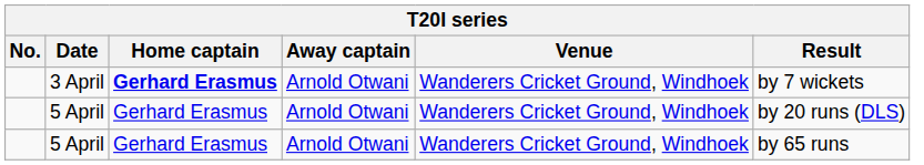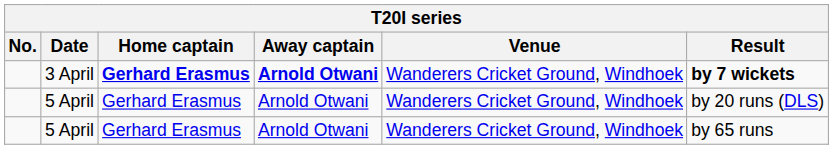 <table class="wikitable">
 <tr>
 <th colspan="9">T20I series</th>
 </tr>
 <tr>
 <th>No.</th>
 <th>Date</th>
 <th>Home captain</th>
 <th>Away captain</th>
 <th>Venue</th>
 <th>Result</th>
 </tr>
 <tr>
 <td></td>
 <td>3 April</td>
 <td><strong><a href='#'>Gerhard Erasmus</a></strong></td>
-<td><a href='#'>Arnold Otwani</a></td>
+<td><strong><a href='#'>Arnold Otwani</a></strong></td>
 <td><a href='#'>Wanderers Cricket Ground</a>, <a href='#'>Windhoek</a></td>
-<td> by 7 wickets</td>
+<td><strong> by 7 wickets</strong></td>
 </tr>
 <tr>
 <td></td>
 <td>5 April</td>
 <td><a href='#'>Gerhard Erasmus</a></td>
 <td><a href='#'>Arnold Otwani</a></td>
 <td><a href='#'>Wanderers Cricket Ground</a>, <a href='#'>Windhoek</a></td>
 <td> by 20 runs (<a href='#'>DLS</a>)</td>
 </tr>
 <tr>
 <td></td>
 <td>5 April</td>
 <td><a href='#'>Gerhard Erasmus</a></td>
 <td><a href='#'>Arnold Otwani</a></td>
 <td><a href='#'>Wanderers Cricket Ground</a>, <a href='#'>Windhoek</a></td>
 <td> by 65 runs</td>
 </tr>
 </table>
